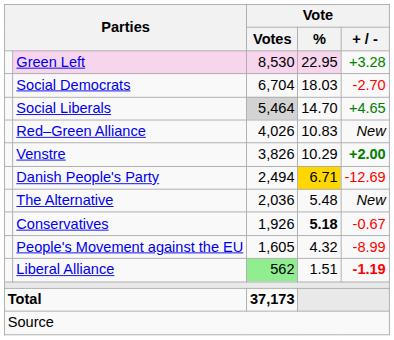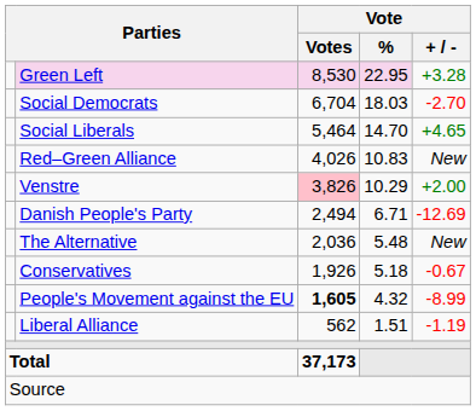 <table class="wikitable" style="text-align:right;">
 <tr>
 <th style="text-align:centre;" rowspan="2" colspan="2" width="225">Parties</th>
 <th colspan="3">Vote</th>
 </tr>
 <tr>
 <th width="15">Votes</th>
 <th width="15">%</th>
 <th width="15">+ / -</th>
 </tr>
 <tr>
 <td width="2" style="color:inherit;background:"></td>
 <td bgcolor=#f7d5ed   align="left"><a href='#'>Green Left</a></td>
 <td bgcolor=#f7d5ed>8,530</td>
 <td bgcolor=#f7d5ed>22.95</td>
 <td style=color:green;>+3.28</td>
 </tr>
 <tr>
 <td width="2" style="color:inherit;background:"></td>
 <td align="left"><a href='#'>Social Democrats</a></td>
 <td>6,704</td>
 <td>18.03</td>
 <td style=color:red;>-2.70</td>
 </tr>
 <tr>
 <td width="2" style="color:inherit;background:"></td>
 <td align="left"><a href='#'>Social Liberals</a></td>
-<td style="background: lightgrey;">5,464</td>
+<td>5,464</td>
 <td>14.70</td>
 <td style=color:green;>+4.65</td>
 </tr>
 <tr>
 <td width="2" style="color:inherit;background:"></td>
 <td align="left"><a href='#'>Red–Green Alliance</a></td>
 <td>4,026</td>
 <td>10.83</td>
 <td><em>New</em></td>
 </tr>
 <tr>
 <td width="2" style="color:inherit;background:"></td>
 <td align="left"><a href='#'>Venstre</a></td>
-<td>3,826</td>
+<td style="background: pink;">3,826</td>
 <td>10.29</td>
-<td style=color:green;><strong>+2.00</strong></td>
+<td style=color:green;>+2.00</td>
 </tr>
 <tr>
 <td width="2" style="color:inherit;background:"></td>
 <td align="left"><a href='#'>Danish People's Party</a></td>
 <td>2,494</td>
-<td style="background: gold;">6.71</td>
+<td>6.71</td>
 <td style=color:red;>-12.69</td>
 </tr>
 <tr>
 <td width="2" style="color:inherit;background:"></td>
 <td align="left"><a href='#'>The Alternative</a></td>
 <td>2,036</td>
 <td>5.48</td>
 <td><em>New</em></td>
 </tr>
 <tr>
 <td width="2" style="color:inherit;background:"></td>
 <td align="left"><a href='#'>Conservatives</a></td>
 <td>1,926</td>
-<td><strong>5.18</strong></td>
+<td>5.18</td>
 <td style=color:red;>-0.67</td>
 </tr>
 <tr>
 <td width="2" style="color:inherit;background:"></td>
 <td align="left"><a href='#'>People's Movement against the EU</a></td>
-<td>1,605</td>
+<td><strong>1,605</strong></td>
 <td>4.32</td>
 <td style=color:red;>-8.99</td>
 </tr>
 <tr>
 <td width="2" style="color:inherit;background:"></td>
 <td align="left"><a href='#'>Liberal Alliance</a></td>
-<td style="background: lightgreen;">562</td>
+<td>562</td>
 <td>1.51</td>
-<td style=color:red;><strong>-1.19</strong></td>
+<td style=color:red;>-1.19</td>
 </tr>
 <tr>
 <td colspan="7" bgcolor="#E9E9E9"></td>
 </tr>
 <tr>
 <td align="left" colspan="2"><strong>Total</strong></td>
 <td><strong>37,173</strong></td>
 <td bgcolor="#E9E9E9" colspan="2"></td>
 </tr>
 <tr>
 <td align="left" colspan="6">Source</td>
 </tr>
 </table>
